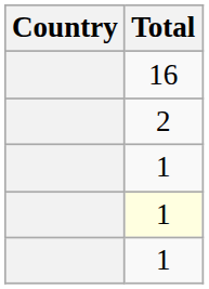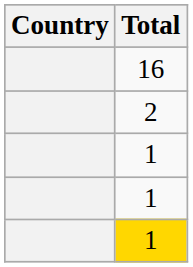 <table class="sortable wikitable plainrowheaders" style="text-align:center;">
 <tr>
 <th scope="col">Country</th>
 <th scope="col">Total</th>
 </tr>
 <tr>
 <th scope="row"></th>
 <td>16</td>
 </tr>
 <tr>
 <th scope="row"></th>
 <td>2</td>
 </tr>
 <tr>
 <th scope="row"></th>
 <td>1</td>
 </tr>
 <tr>
 <th scope="row"></th>
-<td style="background: lightyellow;">1</td>
+<td>1</td>
 </tr>
 <tr>
 <th scope="row"></th>
-<td>1</td>
+<td style="background: gold;">1</td>
 </tr>
 </table>
